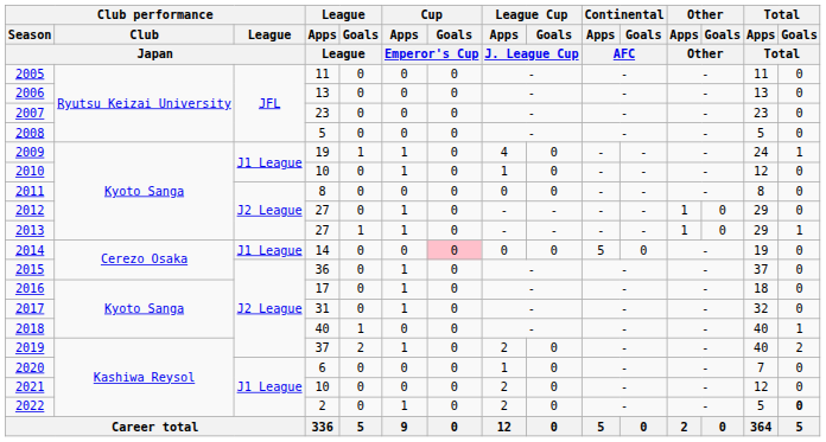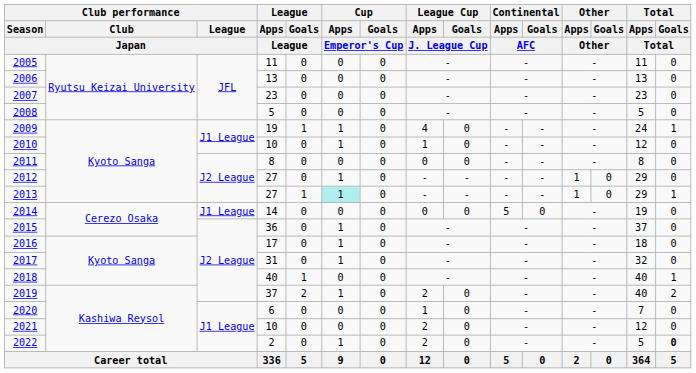 <table class="wikitable" style="text-align:center">
 <tr>
 <th colspan=3>Club performance</th>
 <th colspan=2>League</th>
 <th colspan=2>Cup</th>
 <th colspan=2>League Cup</th>
 <th colspan=2>Continental</th>
 <th colspan=2>Other</th>
 <th colspan=2>Total</th>
 </tr>
 <tr>
 <th>Season</th>
 <th>Club</th>
 <th>League</th>
 <th>Apps</th>
 <th>Goals</th>
 <th>Apps</th>
 <th>Goals</th>
 <th>Apps</th>
 <th>Goals</th>
 <th>Apps</th>
 <th>Goals</th>
 <th>Apps</th>
 <th>Goals</th>
 <th>Apps</th>
 <th>Goals</th>
 </tr>
 <tr>
 <th colspan=3>Japan</th>
 <th colspan=2>League</th>
 <th colspan=2><a href='#'>Emperor's Cup</a></th>
 <th colspan=2><a href='#'>J. League Cup</a></th>
 <th colspan=2><a href='#'>AFC</a></th>
 <th colspan=2>Other</th>
 <th colspan=2>Total</th>
 </tr>
 <tr>
 <td><a href='#'>2005</a></td>
 <td rowspan="4"><a href='#'>Ryutsu Keizai University</a></td>
 <td rowspan="4"><a href='#'>JFL</a></td>
 <td>11</td>
 <td>0</td>
 <td>0</td>
 <td>0</td>
 <td colspan="2">-</td>
 <td colspan="2">-</td>
 <td colspan="2">-</td>
 <td>11</td>
 <td>0</td>
 </tr>
 <tr>
 <td><a href='#'>2006</a></td>
 <td>13</td>
 <td>0</td>
 <td>0</td>
 <td>0</td>
 <td colspan="2">-</td>
 <td colspan="2">-</td>
 <td colspan="2">-</td>
 <td>13</td>
 <td>0</td>
 </tr>
 <tr>
 <td><a href='#'>2007</a></td>
 <td>23</td>
 <td>0</td>
 <td>0</td>
 <td>0</td>
 <td colspan="2">-</td>
 <td colspan="2">-</td>
 <td colspan="2">-</td>
 <td>23</td>
 <td>0</td>
 </tr>
 <tr>
 <td><a href='#'>2008</a></td>
 <td>5</td>
 <td>0</td>
 <td>0</td>
 <td>0</td>
 <td colspan="2">-</td>
 <td colspan="2">-</td>
 <td colspan="2">-</td>
 <td>5</td>
 <td>0</td>
 </tr>
 <tr>
 <td><a href='#'>2009</a></td>
 <td rowspan="5"><a href='#'>Kyoto Sanga</a></td>
 <td rowspan="2"><a href='#'>J1 League</a></td>
 <td>19</td>
 <td>1</td>
 <td>1</td>
 <td>0</td>
 <td>4</td>
 <td>0</td>
 <td>-</td>
 <td>-</td>
 <td colspan="2">-</td>
 <td>24</td>
 <td>1</td>
 </tr>
 <tr>
 <td><a href='#'>2010</a></td>
 <td>10</td>
 <td>0</td>
 <td>1</td>
 <td>0</td>
 <td>1</td>
 <td>0</td>
 <td>-</td>
 <td>-</td>
 <td colspan="2">-</td>
 <td>12</td>
 <td>0</td>
 </tr>
 <tr>
 <td><a href='#'>2011</a></td>
 <td rowspan="3"><a href='#'>J2 League</a></td>
 <td>8</td>
 <td>0</td>
 <td>0</td>
 <td>0</td>
 <td>0</td>
 <td>0</td>
 <td>-</td>
 <td>-</td>
 <td colspan="2">-</td>
 <td>8</td>
 <td>0</td>
 </tr>
 <tr>
 <td><a href='#'>2012</a></td>
 <td>27</td>
 <td>0</td>
 <td>1</td>
 <td>0</td>
 <td>-</td>
 <td>-</td>
 <td>-</td>
 <td>-</td>
 <td>1</td>
 <td>0</td>
 <td>29</td>
 <td>0</td>
 </tr>
 <tr>
 <td><a href='#'>2013</a></td>
 <td>27</td>
 <td>1</td>
-<td>1</td>
+<td style="background: paleturquoise;">1</td>
 <td>0</td>
 <td>-</td>
 <td>-</td>
 <td>-</td>
 <td>-</td>
 <td>1</td>
 <td>0</td>
 <td>29</td>
 <td>1</td>
 </tr>
 <tr>
 <td><a href='#'>2014</a></td>
 <td rowspan="2"><a href='#'>Cerezo Osaka</a></td>
 <td><a href='#'>J1 League</a></td>
 <td>14</td>
 <td>0</td>
 <td>0</td>
-<td style="background: pink;">0</td>
+<td>0</td>
 <td>0</td>
 <td>0</td>
 <td>5</td>
 <td>0</td>
 <td colspan="2">-</td>
 <td>19</td>
 <td>0</td>
 </tr>
 <tr>
 <td><a href='#'>2015</a></td>
 <td rowspan="5"><a href='#'>J2 League</a></td>
 <td>36</td>
 <td>0</td>
 <td>1</td>
 <td>0</td>
 <td colspan="2">-</td>
 <td colspan="2">-</td>
 <td colspan="2">-</td>
 <td>37</td>
 <td>0</td>
 </tr>
 <tr>
 <td><a href='#'>2016</a></td>
 <td rowspan="3"><a href='#'>Kyoto Sanga</a></td>
 <td>17</td>
 <td>0</td>
 <td>1</td>
 <td>0</td>
 <td colspan="2">-</td>
 <td colspan="2">-</td>
 <td colspan="2">-</td>
 <td>18</td>
 <td>0</td>
 </tr>
 <tr>
 <td><a href='#'>2017</a></td>
 <td>31</td>
 <td>0</td>
 <td>1</td>
 <td>0</td>
 <td colspan="2">-</td>
 <td colspan="2">-</td>
 <td colspan="2">-</td>
 <td>32</td>
 <td>0</td>
 </tr>
 <tr>
 <td><a href='#'>2018</a></td>
 <td>40</td>
 <td>1</td>
 <td>0</td>
 <td>0</td>
 <td colspan="2">-</td>
 <td colspan="2">-</td>
 <td colspan="2">-</td>
 <td>40</td>
 <td>1</td>
 </tr>
 <tr>
 <td><a href='#'>2019</a></td>
 <td rowspan="4"><a href='#'>Kashiwa Reysol</a></td>
 <td>37</td>
 <td>2</td>
 <td>1</td>
 <td>0</td>
 <td>2</td>
 <td>0</td>
 <td colspan="2">-</td>
 <td colspan="2">-</td>
 <td>40</td>
 <td>2</td>
 </tr>
 <tr>
 <td><a href='#'>2020</a></td>
 <td rowspan="3"><a href='#'>J1 League</a></td>
 <td>6</td>
 <td>0</td>
 <td>0</td>
 <td>0</td>
 <td>1</td>
 <td>0</td>
 <td colspan="2">-</td>
 <td colspan="2">-</td>
 <td>7</td>
 <td>0</td>
 </tr>
 <tr>
 <td><a href='#'>2021</a></td>
 <td>10</td>
 <td>0</td>
 <td>0</td>
 <td>0</td>
 <td>2</td>
 <td>0</td>
 <td colspan="2">-</td>
 <td colspan="2">-</td>
 <td>12</td>
 <td>0</td>
 </tr>
 <tr>
 <td><a href='#'>2022</a></td>
 <td>2</td>
 <td>0</td>
 <td>1</td>
 <td>0</td>
 <td>2</td>
 <td>0</td>
 <td colspan="2">-</td>
 <td colspan="2">-</td>
 <td>5</td>
 <td><strong>0</strong></td>
 </tr>
 <tr>
 <th colspan=3>Career total</th>
 <th>336</th>
 <th>5</th>
 <th>9</th>
 <th>0</th>
 <th>12</th>
 <th>0</th>
 <th>5</th>
 <th>0</th>
 <th>2</th>
 <th>0</th>
 <th>364</th>
 <th>5</th>
 </tr>
 </table>
